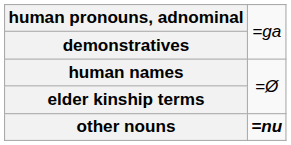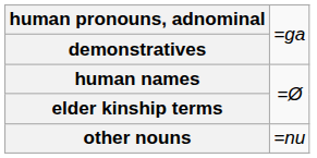 <table class="wikitable" style="text-align:center;">
 <tr>
 <th>human pronouns, adnominal</th>
 <td rowspan="2"><em>=ga</em></td>
 </tr>
 <tr>
 <th>demonstratives</th>
 </tr>
 <tr>
 <th>human names</th>
 <td rowspan="2"><em>=Ø</em></td>
 </tr>
 <tr>
 <th>elder kinship terms</th>
 </tr>
 <tr>
 <th>other nouns</th>
-<td><strong><em>=nu</em></strong></td>
+<td><em>=nu</em></td>
 </tr>
 </table>
